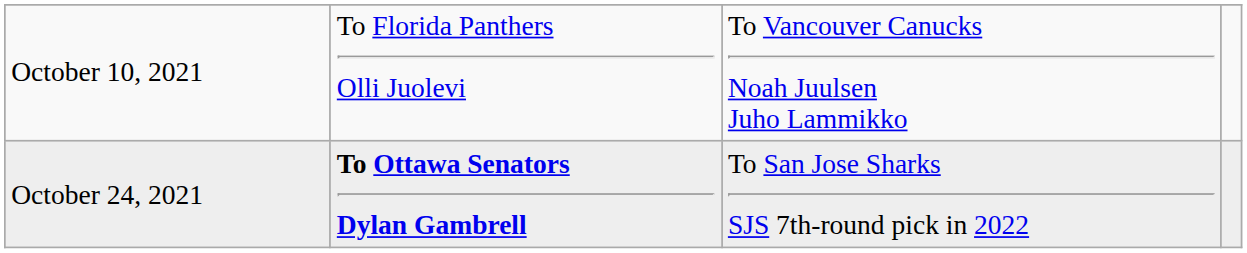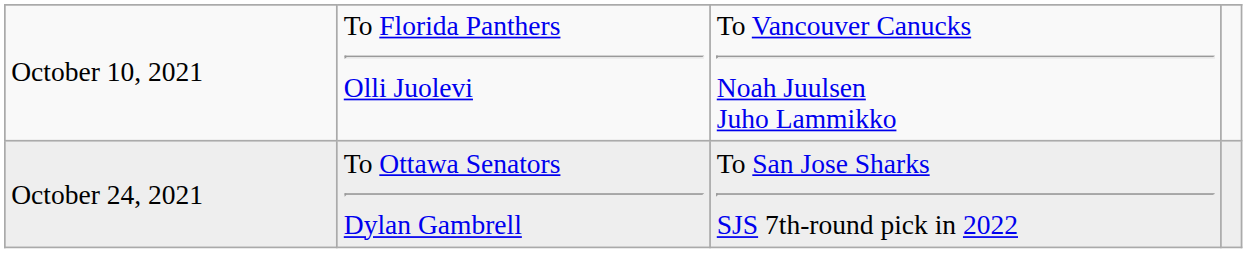 <table cellspacing=0 class="wikitable" style="border:1px solid #999999; width:720px;">
 <tr>
 <td>October 10, 2021</td>
 <td valign="top">To <a href='#'>Florida Panthers</a><hr><a href='#'>Olli Juolevi</a></td>
 <td valign="top">To <a href='#'>Vancouver Canucks</a><hr><a href='#'>Noah Juulsen</a><br><a href='#'>Juho Lammikko</a></td>
 <td></td>
 </tr>
 <tr bgcolor="eeeeee">
 <td>October 24, 2021</td>
-<td valign="top"><strong>To <a href='#'>Ottawa Senators</a><hr><a href='#'>Dylan Gambrell</a></strong></td>
+<td valign="top">To <a href='#'>Ottawa Senators</a><hr><a href='#'>Dylan Gambrell</a></td>
 <td valign="top">To <a href='#'>San Jose Sharks</a><hr><a href='#'>SJS</a> 7th-round pick in <a href='#'>2022</a></td>
 <td></td>
 </tr>
 </table>
